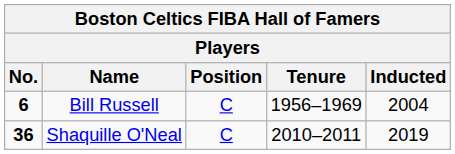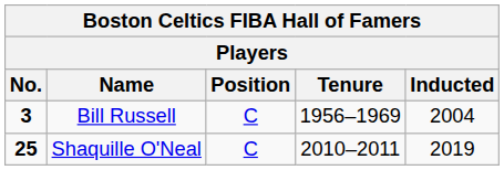 <table class="wikitable" style="text-align:center">
 <tr>
 <th colspan="5">Boston Celtics FIBA Hall of Famers</th>
 </tr>
 <tr>
 <th colspan="5" style="text-align:center; ">Players</th>
 </tr>
 <tr>
 <th>No.</th>
 <th>Name</th>
 <th>Position</th>
 <th>Tenure</th>
 <th>Inducted</th>
 </tr>
 <tr>
-<td><strong>6</strong></td>
+<td><strong>3</strong></td>
 <td><a href='#'>Bill Russell</a></td>
 <td><a href='#'>C</a></td>
 <td>1956–1969</td>
 <td>2004</td>
 </tr>
 <tr>
-<td><strong>36</strong></td>
+<td><strong>25</strong></td>
 <td><a href='#'>Shaquille O'Neal</a></td>
 <td><a href='#'>C</a></td>
 <td>2010–2011</td>
 <td>2019</td>
 </tr>
 </table>
